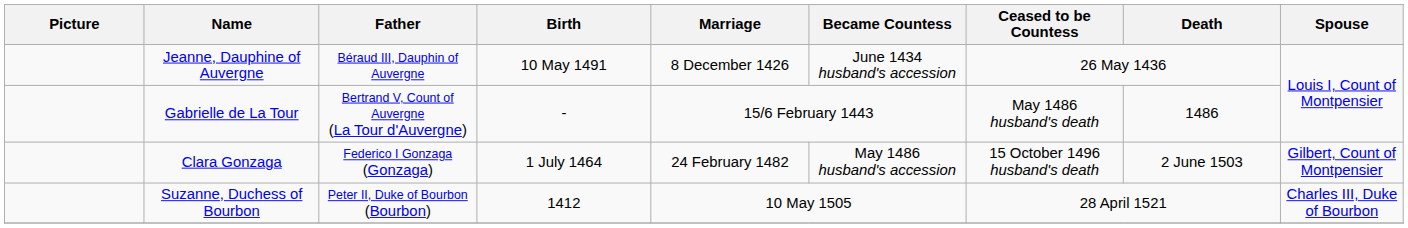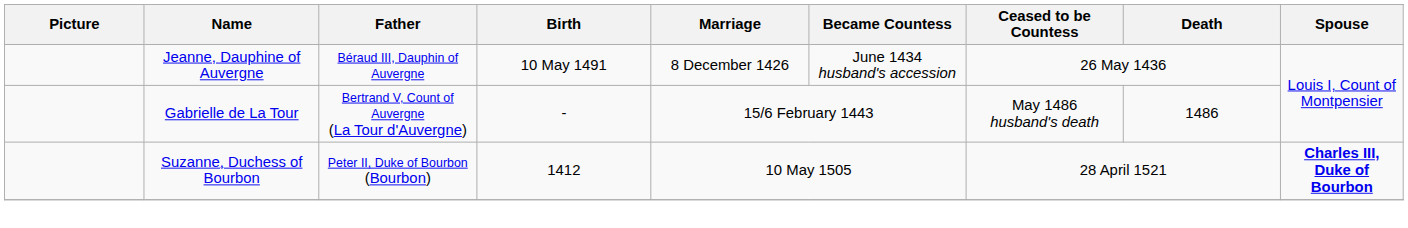 <table width=95% class="wikitable">
 <tr>
 <th width = "8%">Picture</th>
 <th width = "10%">Name</th>
 <th width = "9%">Father</th>
 <th width = "10%">Birth</th>
 <th width = "9%">Marriage</th>
 <th width = "9%">Became Countess</th>
 <th width = "9%">Ceased to be Countess</th>
 <th width = "9%">Death</th>
 <th width = "7%">Spouse</th>
 </tr>
 <tr>
 <td align="center"></td>
 <td align="center"><a href='#'>Jeanne, Dauphine of Auvergne</a></td>
 <td align="center"><small><a href='#'>Béraud III, Dauphin of Auvergne</a></small></td>
 <td align="center">10 May 1491</td>
 <td align="center">8 December 1426</td>
 <td align="center">June 1434<br><em>husband's accession</em></td>
 <td align="center" colspan="2">26 May 1436</td>
 <td align="center" rowspan="2"><a href='#'>Louis I, Count of Montpensier</a></td>
 </tr>
 <tr>
 <td align="center"></td>
 <td align="center"><a href='#'>Gabrielle de La Tour</a></td>
 <td align="center"><small><a href='#'>Bertrand V, Count of Auvergne</a></small><br> (<a href='#'>La Tour d'Auvergne</a>)</td>
 <td align="center">-</td>
 <td align="center" colspan="2">15/6 February 1443</td>
 <td align="center">May 1486<br><em>husband's death</em></td>
 <td align="center">1486</td>
 </tr>
 <tr>
 <td align="center"></td>
-<td align="center"><a href='#'>Clara Gonzaga</a></td>
-<td align="center"><small><a href='#'>Federico I Gonzaga</a></small><br>(<a href='#'>Gonzaga</a>)</td>
-<td align="center">1 July 1464</td>
-<td align="center">24 February 1482</td>
-<td align="center">May 1486<br><em>husband's accession</em></td>
-<td align="center">15 October 1496<br><em>husband's death</em></td>
-<td align="center">2 June 1503</td>
-<td align="center"><a href='#'>Gilbert, Count of Montpensier</a></td>
-</tr>
-<tr>
-<td align="center"></td>
 <td align="center"><a href='#'>Suzanne, Duchess of Bourbon</a></td>
 <td align="center"><small><a href='#'>Peter II, Duke of Bourbon</a></small><br>(<a href='#'>Bourbon</a>)</td>
 <td align="center">1412</td>
 <td align="center" colspan="2">10 May 1505</td>
 <td align="center" colspan="2">28 April 1521</td>
-<td align="center"><a href='#'>Charles III, Duke of Bourbon</a></td>
+<td align="center"><strong><a href='#'>Charles III, Duke of Bourbon</a></strong></td>
 </tr>
 <tr>
 </tr>
 </table>
